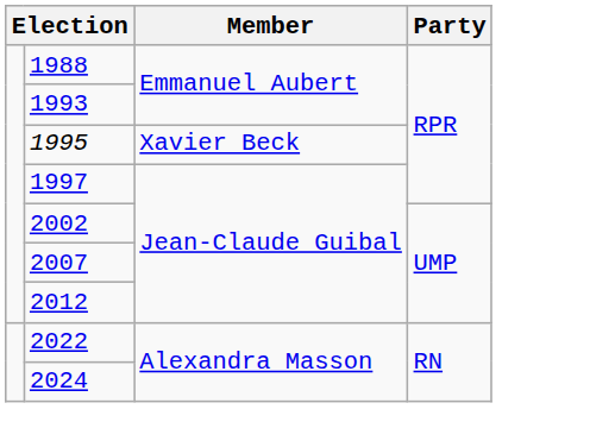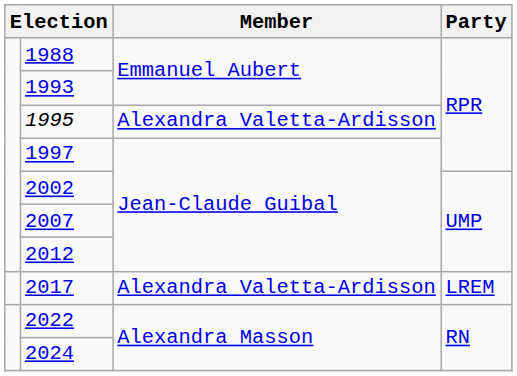 <table class="wikitable">
 <tr>
 <th colspan="2">Election</th>
 <th>Member</th>
 <th>Party</th>
 </tr>
 <tr>
 <td rowspan="7" style="background-color: "></td>
 <td><a href='#'>1988</a></td>
 <td rowspan="2"><a href='#'>Emmanuel Aubert</a></td>
 <td rowspan="4"><a href='#'>RPR</a></td>
 </tr>
 <tr>
 <td><a href='#'>1993</a></td>
 </tr>
 <tr>
 <td><em>1995</em></td>
-<td><a href='#'>Xavier Beck</a></td>
+<td><a href='#'>Alexandra Valetta-Ardisson</a></td>
 </tr>
 <tr>
 <td><a href='#'>1997</a></td>
 <td rowspan="4"><a href='#'>Jean-Claude Guibal</a></td>
 </tr>
 <tr>
 <td><a href='#'>2002</a></td>
 <td rowspan="3"><a href='#'>UMP</a></td>
 </tr>
 <tr>
 <td><a href='#'>2007</a></td>
 </tr>
 <tr>
 <td><a href='#'>2012</a></td>
 </tr>
 <tr>
+<td style="color:inherit;background-color: "></td>
+<td><a href='#'>2017</a></td>
+<td><a href='#'>Alexandra Valetta-Ardisson</a></td>
+<td><a href='#'>LREM</a></td>
+</tr>
+<tr>
 <td rowspan="2" style="color:inherit;background-color: "></td>
 <td><a href='#'>2022</a></td>
 <td rowspan="2"><a href='#'>Alexandra Masson</a></td>
 <td rowspan="2"><a href='#'>RN</a></td>
 </tr>
 <tr>
 <td><a href='#'>2024</a></td>
 </tr>
 </table>
